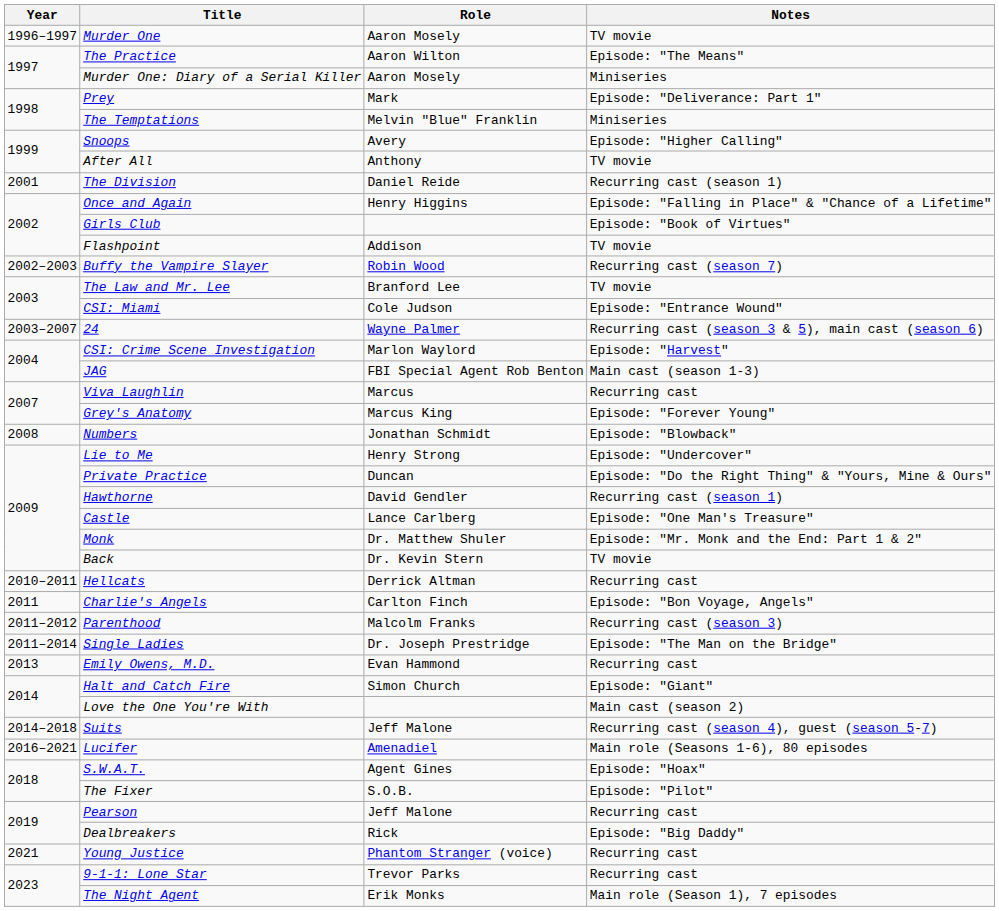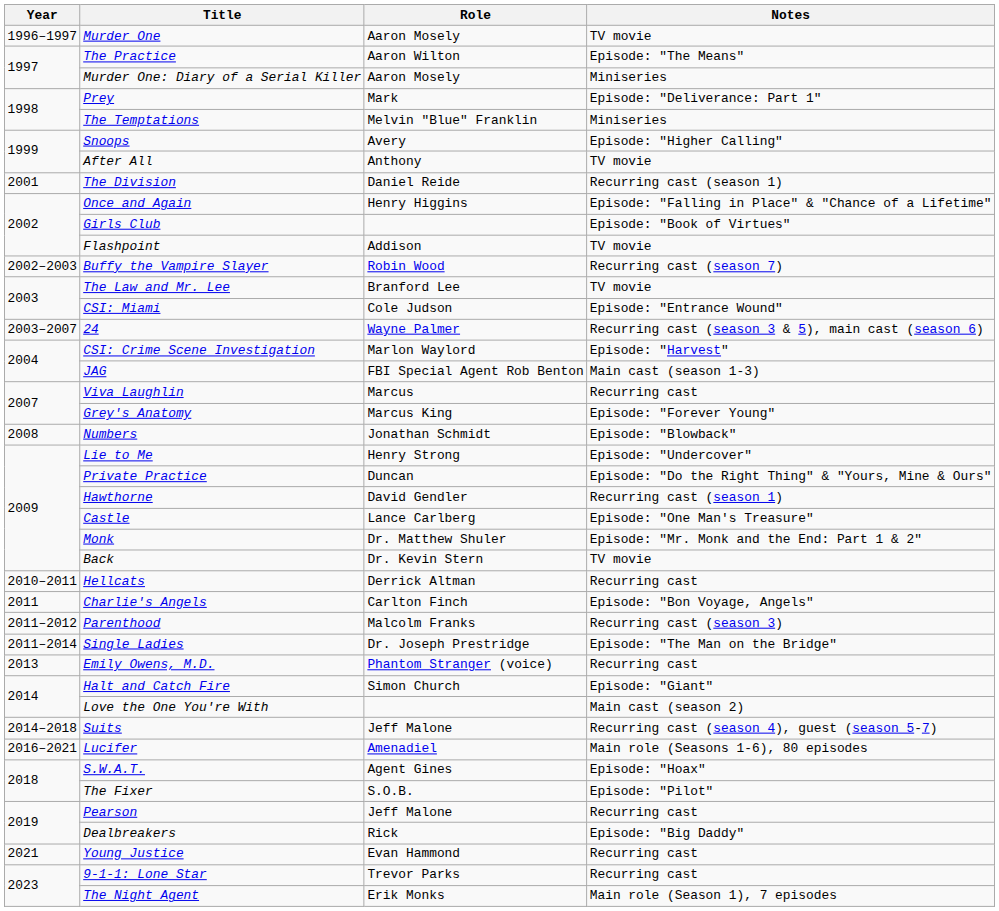 <table class="wikitable plainrowheaders sortable" style="margin-right: 0;">
 <tr>
 <th scope="col">Year</th>
 <th scope="col">Title</th>
 <th scope="col">Role</th>
 <th scope="col" class="unsortable">Notes</th>
 </tr>
 <tr>
 <td>1996–1997</td>
 <td><em><a href='#'>Murder One</a></em></td>
 <td>Aaron Mosely</td>
 <td>TV movie</td>
 </tr>
 <tr>
 <td rowspan=2>1997</td>
 <td><em><a href='#'>The Practice</a></em></td>
 <td>Aaron Wilton</td>
 <td>Episode: "The Means"</td>
 </tr>
 <tr>
 <td><em>Murder One: Diary of a Serial Killer</em></td>
 <td>Aaron Mosely</td>
 <td>Miniseries</td>
 </tr>
 <tr>
 <td rowspan=2>1998</td>
 <td><em><a href='#'>Prey</a></em></td>
 <td>Mark</td>
 <td>Episode: "Deliverance: Part 1"</td>
 </tr>
 <tr>
 <td><em><a href='#'>The Temptations</a></em></td>
 <td>Melvin "Blue" Franklin</td>
 <td>Miniseries</td>
 </tr>
 <tr>
 <td rowspan=2>1999</td>
 <td><em><a href='#'>Snoops</a></em></td>
 <td>Avery</td>
 <td>Episode: "Higher Calling"</td>
 </tr>
 <tr>
 <td><em>After All</em></td>
 <td>Anthony</td>
 <td>TV movie</td>
 </tr>
 <tr>
 <td>2001</td>
 <td><em><a href='#'>The Division</a></em></td>
 <td>Daniel Reide</td>
 <td>Recurring cast (season 1)</td>
 </tr>
 <tr>
 <td rowspan=3>2002</td>
 <td><em><a href='#'>Once and Again</a></em></td>
 <td>Henry Higgins</td>
 <td>Episode: "Falling in Place" & "Chance of a Lifetime"</td>
 </tr>
 <tr>
 <td><em><a href='#'>Girls Club</a></em></td>
 <td></td>
 <td>Episode: "Book of Virtues"</td>
 </tr>
 <tr>
 <td><em>Flashpoint</em></td>
 <td>Addison</td>
 <td>TV movie</td>
 </tr>
 <tr>
 <td>2002–2003</td>
 <td><em><a href='#'>Buffy the Vampire Slayer</a></em></td>
 <td><a href='#'>Robin Wood</a></td>
 <td>Recurring cast (<a href='#'>season 7</a>)</td>
 </tr>
 <tr>
 <td rowspan=2>2003</td>
 <td><em><a href='#'>The Law and Mr. Lee</a></em></td>
 <td>Branford Lee</td>
 <td>TV movie</td>
 </tr>
 <tr>
 <td><em><a href='#'>CSI: Miami</a></em></td>
 <td>Cole Judson</td>
 <td>Episode: "Entrance Wound"</td>
 </tr>
 <tr>
 <td>2003–2007</td>
 <td><em><a href='#'>24</a></em></td>
 <td><a href='#'>Wayne Palmer</a></td>
 <td>Recurring cast (<a href='#'>season 3</a> & <a href='#'>5</a>), main cast (<a href='#'>season 6</a>)</td>
 </tr>
 <tr>
 <td rowspan=2>2004</td>
 <td><em><a href='#'>CSI: Crime Scene Investigation</a></em></td>
 <td>Marlon Waylord</td>
 <td>Episode: "<a href='#'>Harvest</a>"</td>
 </tr>
 <tr>
 <td><em><a href='#'>JAG</a></em></td>
 <td>FBI Special Agent Rob Benton</td>
 <td>Main cast (season 1-3)</td>
 </tr>
 <tr>
 <td rowspan=2>2007</td>
 <td><em><a href='#'>Viva Laughlin</a></em></td>
 <td>Marcus</td>
 <td>Recurring cast</td>
 </tr>
 <tr>
 <td><em><a href='#'>Grey's Anatomy</a></em></td>
 <td>Marcus King</td>
 <td>Episode: "Forever Young"</td>
 </tr>
 <tr>
 <td>2008</td>
 <td><em><a href='#'>Numbers</a></em></td>
 <td>Jonathan Schmidt</td>
 <td>Episode: "Blowback"</td>
 </tr>
 <tr>
 <td rowspan=6>2009</td>
 <td><em><a href='#'>Lie to Me</a></em></td>
 <td>Henry Strong</td>
 <td>Episode: "Undercover"</td>
 </tr>
 <tr>
 <td><em><a href='#'>Private Practice</a></em></td>
 <td>Duncan</td>
 <td>Episode: "Do the Right Thing" & "Yours, Mine & Ours"</td>
 </tr>
 <tr>
 <td><em><a href='#'>Hawthorne</a></em></td>
 <td>David Gendler</td>
 <td>Recurring cast (<a href='#'>season 1</a>)</td>
 </tr>
 <tr>
 <td><em><a href='#'>Castle</a></em></td>
 <td>Lance Carlberg</td>
 <td>Episode: "One Man's Treasure"</td>
 </tr>
 <tr>
 <td><em><a href='#'>Monk</a></em></td>
 <td>Dr. Matthew Shuler</td>
 <td>Episode: "Mr. Monk and the End: Part 1 & 2"</td>
 </tr>
 <tr>
 <td><em>Back</em></td>
 <td>Dr. Kevin Stern</td>
 <td>TV movie</td>
 </tr>
 <tr>
 <td>2010–2011</td>
 <td><em><a href='#'>Hellcats</a></em></td>
 <td>Derrick Altman</td>
 <td>Recurring cast</td>
 </tr>
 <tr>
 <td>2011</td>
 <td><em><a href='#'>Charlie's Angels</a></em></td>
 <td>Carlton Finch</td>
 <td>Episode: "Bon Voyage, Angels"</td>
 </tr>
 <tr>
 <td>2011–2012</td>
 <td><em><a href='#'>Parenthood</a></em></td>
 <td>Malcolm Franks</td>
 <td>Recurring cast (<a href='#'>season 3</a>)</td>
 </tr>
 <tr>
 <td>2011–2014</td>
 <td><em><a href='#'>Single Ladies</a></em></td>
 <td>Dr. Joseph Prestridge</td>
 <td>Episode: "The Man on the Bridge"</td>
 </tr>
 <tr>
 <td>2013</td>
 <td><em><a href='#'>Emily Owens, M.D.</a></em></td>
-<td>Evan Hammond</td>
+<td><a href='#'>Phantom Stranger</a> (voice)</td>
 <td>Recurring cast</td>
 </tr>
 <tr>
 <td rowspan=2>2014</td>
 <td><em><a href='#'>Halt and Catch Fire</a></em></td>
 <td>Simon Church</td>
 <td>Episode: "Giant"</td>
 </tr>
 <tr>
 <td><em>Love the One You're With</em></td>
 <td></td>
 <td>Main cast (season 2)</td>
 </tr>
 <tr>
 <td>2014–2018</td>
 <td><em><a href='#'>Suits</a></em></td>
 <td>Jeff Malone</td>
 <td>Recurring cast (<a href='#'>season 4</a>), guest (<a href='#'>season 5</a>-<a href='#'>7</a>)</td>
 </tr>
 <tr>
 <td>2016–2021</td>
 <td><em><a href='#'>Lucifer</a></em></td>
 <td><a href='#'>Amenadiel</a></td>
 <td>Main role (Seasons 1-6), 80 episodes</td>
 </tr>
 <tr>
 <td rowspan=2>2018</td>
 <td><em><a href='#'>S.W.A.T.</a></em></td>
 <td>Agent Gines</td>
 <td>Episode: "Hoax"</td>
 </tr>
 <tr>
 <td><em>The Fixer</em></td>
 <td>S.O.B.</td>
 <td>Episode: "Pilot"</td>
 </tr>
 <tr>
 <td rowspan=2>2019</td>
 <td><em><a href='#'>Pearson</a></em></td>
 <td>Jeff Malone</td>
 <td>Recurring cast</td>
 </tr>
 <tr>
 <td><em>Dealbreakers</em></td>
 <td>Rick</td>
 <td>Episode: "Big Daddy"</td>
 </tr>
 <tr>
 <td>2021</td>
 <td><em><a href='#'>Young Justice</a></em></td>
-<td><a href='#'>Phantom Stranger</a> (voice)</td>
+<td>Evan Hammond</td>
 <td>Recurring cast</td>
 </tr>
 <tr>
 <td rowspan=2>2023</td>
 <td><em><a href='#'>9-1-1: Lone Star</a></em></td>
 <td>Trevor Parks</td>
 <td>Recurring cast</td>
 </tr>
 <tr>
 <td><em><a href='#'>The Night Agent</a></em></td>
 <td>Erik Monks</td>
 <td>Main role (Season 1), 7 episodes</td>
 </tr>
 </table>
